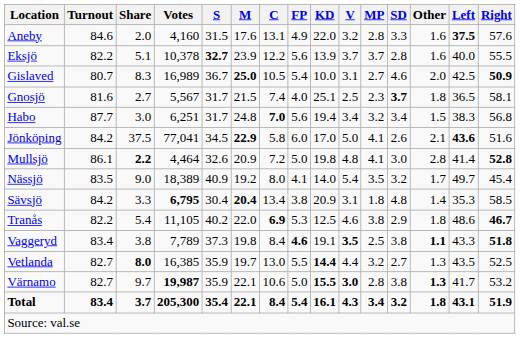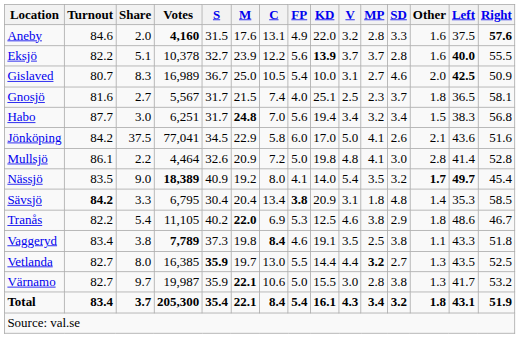 <table class="wikitable sortable" style=text-align:right>
 <tr>
 <th>Location</th>
 <th>Turnout</th>
 <th>Share</th>
 <th>Votes</th>
 <th><a href='#'>S</a></th>
 <th><a href='#'>M</a></th>
 <th><a href='#'>C</a></th>
 <th><a href='#'>FP</a></th>
 <th><a href='#'>KD</a></th>
 <th><a href='#'>V</a></th>
 <th><a href='#'>MP</a></th>
 <th><a href='#'>SD</a></th>
 <th>Other</th>
 <th><a href='#'>Left</a></th>
 <th><a href='#'>Right</a></th>
 </tr>
 <tr>
 <td align=left><a href='#'>Aneby</a></td>
 <td>84.6</td>
 <td>2.0</td>
-<td>4,160</td>
+<td><strong>4,160</strong></td>
 <td>31.5</td>
 <td>17.6</td>
 <td>13.1</td>
 <td>4.9</td>
 <td>22.0</td>
 <td>3.2</td>
 <td>2.8</td>
 <td>3.3</td>
 <td>1.6</td>
-<td><strong>37.5</strong></td>
-<td>57.6</td>
+<td>37.5</td>
+<td><strong>57.6</strong></td>
 </tr>
 <tr>
 <td align=left><a href='#'>Eksjö</a></td>
 <td>82.2</td>
 <td>5.1</td>
 <td>10,378</td>
-<td><strong>32.7</strong></td>
+<td>32.7</td>
 <td>23.9</td>
 <td>12.2</td>
 <td>5.6</td>
-<td>13.9</td>
+<td><strong>13.9</strong></td>
 <td>3.7</td>
 <td>3.7</td>
 <td>2.8</td>
 <td>1.6</td>
-<td>40.0</td>
+<td><strong>40.0</strong></td>
 <td>55.5</td>
 </tr>
 <tr>
 <td align=left><a href='#'>Gislaved</a></td>
 <td>80.7</td>
 <td>8.3</td>
 <td>16,989</td>
 <td>36.7</td>
-<td><strong>25.0</strong></td>
+<td>25.0</td>
 <td>10.5</td>
 <td>5.4</td>
 <td>10.0</td>
 <td>3.1</td>
 <td>2.7</td>
 <td>4.6</td>
 <td>2.0</td>
-<td>42.5</td>
-<td><strong>50.9</strong></td>
+<td><strong>42.5</strong></td>
+<td>50.9</td>
 </tr>
 <tr>
 <td align=left><a href='#'>Gnosjö</a></td>
 <td>81.6</td>
 <td>2.7</td>
 <td>5,567</td>
 <td>31.7</td>
 <td>21.5</td>
 <td>7.4</td>
 <td>4.0</td>
 <td>25.1</td>
 <td>2.5</td>
 <td>2.3</td>
-<td><strong>3.7</strong></td>
+<td>3.7</td>
 <td>1.8</td>
 <td>36.5</td>
 <td>58.1</td>
 </tr>
 <tr>
 <td align=left><a href='#'>Habo</a></td>
 <td>87.7</td>
 <td>3.0</td>
 <td>6,251</td>
 <td>31.7</td>
-<td>24.8</td>
-<td><strong>7.0</strong></td>
+<td><strong>24.8</strong></td>
+<td>7.0</td>
 <td>5.6</td>
 <td>19.4</td>
 <td>3.4</td>
 <td>3.2</td>
 <td>3.4</td>
 <td>1.5</td>
 <td>38.3</td>
 <td>56.8</td>
 </tr>
 <tr>
 <td align=left><a href='#'>Jönköping</a></td>
 <td>84.2</td>
 <td>37.5</td>
 <td>77,041</td>
 <td>34.5</td>
-<td><strong>22.9</strong></td>
+<td>22.9</td>
 <td>5.8</td>
 <td>6.0</td>
 <td>17.0</td>
 <td>5.0</td>
 <td>4.1</td>
 <td>2.6</td>
 <td>2.1</td>
-<td><strong>43.6</strong></td>
+<td>43.6</td>
 <td>51.6</td>
 </tr>
 <tr>
 <td align=left><a href='#'>Mullsjö</a></td>
 <td>86.1</td>
-<td><strong>2.2</strong></td>
+<td>2.2</td>
 <td>4,464</td>
 <td>32.6</td>
 <td>20.9</td>
 <td>7.2</td>
 <td>5.0</td>
 <td>19.8</td>
 <td>4.8</td>
 <td>4.1</td>
 <td>3.0</td>
 <td>2.8</td>
 <td>41.4</td>
-<td><strong>52.8</strong></td>
+<td>52.8</td>
 </tr>
 <tr>
 <td align=left><a href='#'>Nässjö</a></td>
 <td>83.5</td>
 <td>9.0</td>
-<td>18,389</td>
+<td><strong>18,389</strong></td>
 <td>40.9</td>
 <td>19.2</td>
 <td>8.0</td>
 <td>4.1</td>
 <td>14.0</td>
 <td>5.4</td>
 <td>3.5</td>
 <td>3.2</td>
-<td>1.7</td>
-<td>49.7</td>
+<td><strong>1.7</strong></td>
+<td><strong>49.7</strong></td>
 <td>45.4</td>
 </tr>
 <tr>
 <td align=left><a href='#'>Sävsjö</a></td>
-<td>84.2</td>
+<td><strong>84.2</strong></td>
 <td>3.3</td>
-<td><strong>6,795</strong></td>
+<td>6,795</td>
 <td>30.4</td>
-<td><strong>20.4</strong></td>
+<td>20.4</td>
 <td>13.4</td>
-<td>3.8</td>
+<td><strong>3.8</strong></td>
 <td>20.9</td>
 <td>3.1</td>
 <td>1.8</td>
 <td>4.8</td>
 <td>1.4</td>
 <td>35.3</td>
 <td>58.5</td>
 </tr>
 <tr>
 <td align=left><a href='#'>Tranås</a></td>
 <td>82.2</td>
 <td>5.4</td>
 <td>11,105</td>
 <td>40.2</td>
-<td>22.0</td>
-<td><strong>6.9</strong></td>
+<td><strong>22.0</strong></td>
+<td>6.9</td>
 <td>5.3</td>
 <td>12.5</td>
 <td>4.6</td>
 <td>3.8</td>
 <td>2.9</td>
 <td>1.8</td>
 <td>48.6</td>
-<td><strong>46.7</strong></td>
+<td>46.7</td>
 </tr>
 <tr>
 <td align=left><a href='#'>Vaggeryd</a></td>
 <td>83.4</td>
 <td>3.8</td>
-<td>7,789</td>
+<td><strong>7,789</strong></td>
 <td>37.3</td>
 <td>19.8</td>
-<td>8.4</td>
-<td><strong>4.6</strong></td>
+<td><strong>8.4</strong></td>
+<td>4.6</td>
 <td>19.1</td>
-<td><strong>3.5</strong></td>
+<td>3.5</td>
 <td>2.5</td>
 <td>3.8</td>
-<td><strong>1.1</strong></td>
+<td>1.1</td>
 <td>43.3</td>
-<td><strong>51.8</strong></td>
+<td>51.8</td>
 </tr>
 <tr>
 <td align=left><a href='#'>Vetlanda</a></td>
 <td>82.7</td>
-<td><strong>8.0</strong></td>
+<td>8.0</td>
 <td>16,385</td>
-<td>35.9</td>
+<td><strong>35.9</strong></td>
 <td>19.7</td>
 <td>13.0</td>
 <td>5.5</td>
-<td><strong>14.4</strong></td>
+<td>14.4</td>
 <td>4.4</td>
-<td>3.2</td>
+<td><strong>3.2</strong></td>
 <td>2.7</td>
 <td>1.3</td>
 <td>43.5</td>
 <td>52.5</td>
 </tr>
 <tr>
 <td align=left><a href='#'>Värnamo</a></td>
 <td>82.7</td>
 <td>9.7</td>
-<td><strong>19,987</strong></td>
+<td>19,987</td>
 <td>35.9</td>
-<td>22.1</td>
+<td><strong>22.1</strong></td>
 <td>10.6</td>
 <td>5.0</td>
-<td><strong>15.5</strong></td>
-<td><strong>3.0</strong></td>
+<td>15.5</td>
+<td>3.0</td>
 <td>2.8</td>
 <td>3.8</td>
-<td><strong>1.3</strong></td>
+<td>1.3</td>
 <td>41.7</td>
 <td>53.2</td>
 </tr>
 <tr>
 <td align=left><strong>Total</strong></td>
 <td><strong>83.4</strong></td>
 <td><strong>3.7</strong></td>
 <td><strong>205,300</strong></td>
 <td><strong>35.4</strong></td>
 <td><strong>22.1</strong></td>
 <td><strong>8.4</strong></td>
 <td><strong>5.4</strong></td>
 <td><strong>16.1</strong></td>
 <td><strong>4.3</strong></td>
 <td><strong>3.4</strong></td>
 <td><strong>3.2</strong></td>
 <td><strong>1.8</strong></td>
 <td><strong>43.1</strong></td>
 <td><strong>51.9</strong></td>
 </tr>
 <tr>
 <td align=left colspan=15>Source: val.se </td>
 </tr>
 </table>
